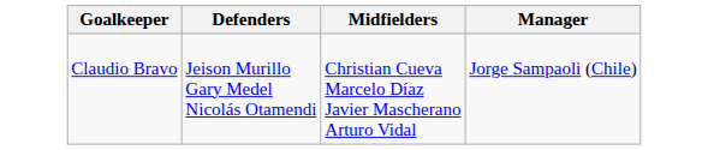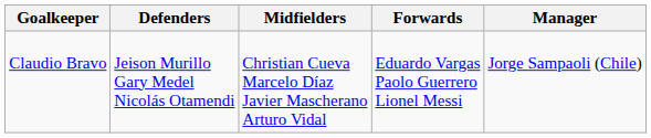 <table class="wikitable" style="mArgin: 0 auto;">
 <tr>
 <th>Goalkeeper</th>
 <th>Defenders</th>
 <th>Midfielders</th>
+<th>Forwards</th>
 <th>Manager</th>
 </tr>
 <tr>
 <td valign=top><br> <a href='#'>Claudio Bravo</a></td>
 <td valign=top><br> <a href='#'>Jeison Murillo</a><br>  <a href='#'>Gary Medel</a><br>  <a href='#'>Nicolás Otamendi</a></td>
 <td valign=top><br> <a href='#'>Christian Cueva</a><br>  <a href='#'>Marcelo Díaz</a><br>  <a href='#'>Javier Mascherano</a><br>  <a href='#'>Arturo Vidal</a></td>
+<td valign=top><br> <a href='#'>Eduardo Vargas</a><br>  <a href='#'>Paolo Guerrero</a><br>  <a href='#'>Lionel Messi</a></td>
 <td valign=top><br> <a href='#'>Jorge Sampaoli</a> (<a href='#'>Chile</a>)</td>
 </tr>
 </table>
